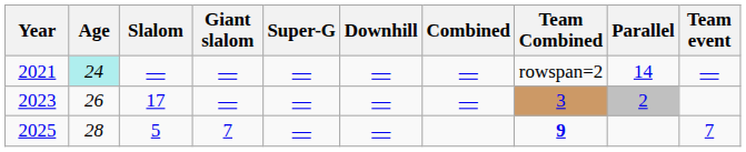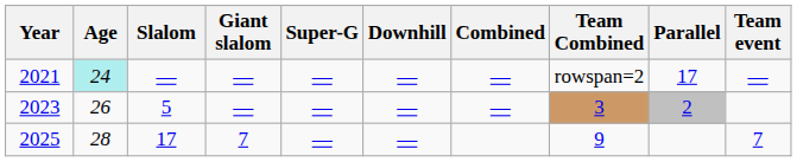 <table class=wikitable style="text-align:center">
 <tr>
 <th>  Year  </th>
 <th> Age </th>
 <th> Slalom </th>
 <th> Giant <br> slalom </th>
 <th>Super-G</th>
 <th>Downhill</th>
 <th>Combined</th>
 <th>Team<br>Combined</th>
 <th>Parallel</th>
 <th>Team<br> event </th>
 </tr>
 <tr>
 <td><a href='#'>2021</a></td>
 <td style="background: paleturquoise;"><em>24</em></td>
 <td><a href='#'>—</a></td>
 <td><a href='#'>—</a></td>
 <td><a href='#'>—</a></td>
 <td><a href='#'>—</a></td>
 <td><a href='#'>—</a></td>
 <td>rowspan=2</td>
-<td><a href='#'>14</a></td>
+<td><a href='#'>17</a></td>
 <td><a href='#'>—</a></td>
 </tr>
 <tr>
 <td><a href='#'>2023</a></td>
 <td><em>26</em></td>
-<td><a href='#'>17</a></td>
+<td><a href='#'>5</a></td>
 <td><a href='#'>—</a></td>
 <td><a href='#'>—</a></td>
 <td><a href='#'>—</a></td>
 <td><a href='#'>—</a></td>
 <td bgcolor=cc9966><a href='#'>3</a></td>
 <td style="background:silver;"><a href='#'>2</a></td>
 </tr>
 <tr>
 <td><a href='#'>2025</a></td>
 <td><em>28</em></td>
-<td><a href='#'>5</a></td>
+<td><a href='#'>17</a></td>
 <td><a href='#'>7</a></td>
 <td><a href='#'>—</a></td>
 <td><a href='#'>—</a></td>
 <td></td>
-<td><strong><a href='#'>9</a></strong></td>
+<td><a href='#'>9</a></td>
 <td></td>
 <td><a href='#'>7</a></td>
 </tr>
 </table>
